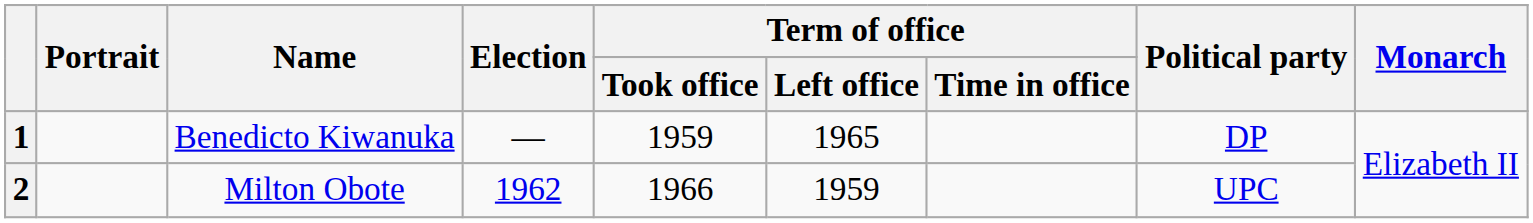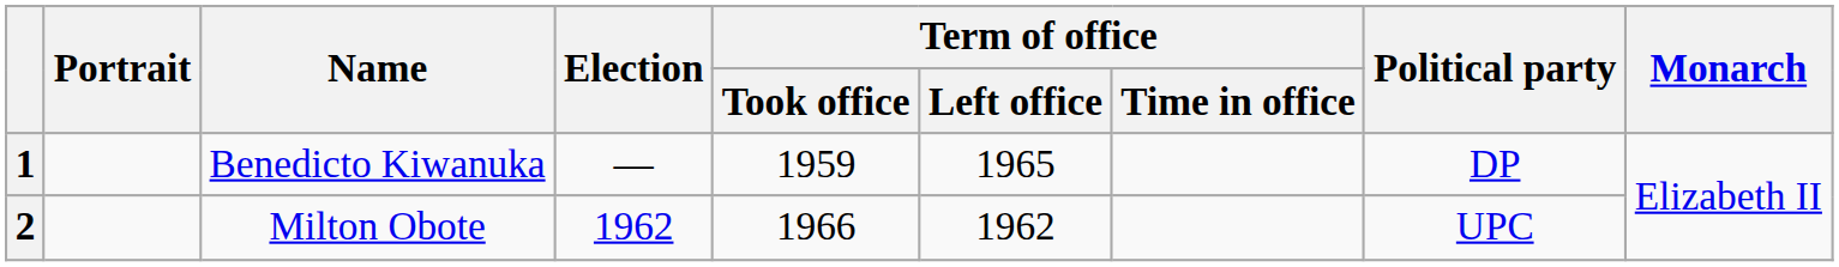 <table class="wikitable" style="text-align:center">
 <tr>
 <th rowspan="2"></th>
 <th rowspan="2">Portrait</th>
 <th rowspan="2">Name<br></th>
 <th rowspan="2">Election</th>
 <th colspan="3">Term of office</th>
 <th rowspan="2">Political party</th>
 <th rowspan="2"><a href='#'>Monarch</a></th>
 </tr>
 <tr>
 <th>Took office</th>
 <th>Left office</th>
 <th>Time in office</th>
 </tr>
 <tr>
 <th style="background:">1</th>
 <td></td>
 <td><a href='#'>Benedicto Kiwanuka</a><br></td>
 <td>—</td>
 <td> 1959</td>
 <td> 1965</td>
 <td></td>
 <td><a href='#'>DP</a></td>
 <td rowspan=2><a href='#'>Elizabeth II</a></td>
 </tr>
 <tr>
 <th style="background:">2</th>
 <td></td>
 <td><a href='#'>Milton Obote</a><br></td>
 <td><a href='#'>1962</a></td>
 <td> 1966</td>
-<td> 1959</td>
+<td> 1962</td>
 <td></td>
 <td><a href='#'>UPC</a></td>
 </tr>
 </table>
